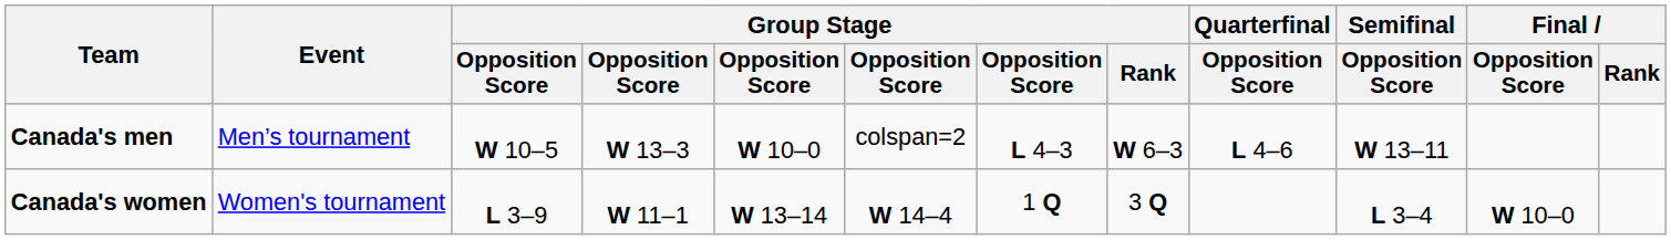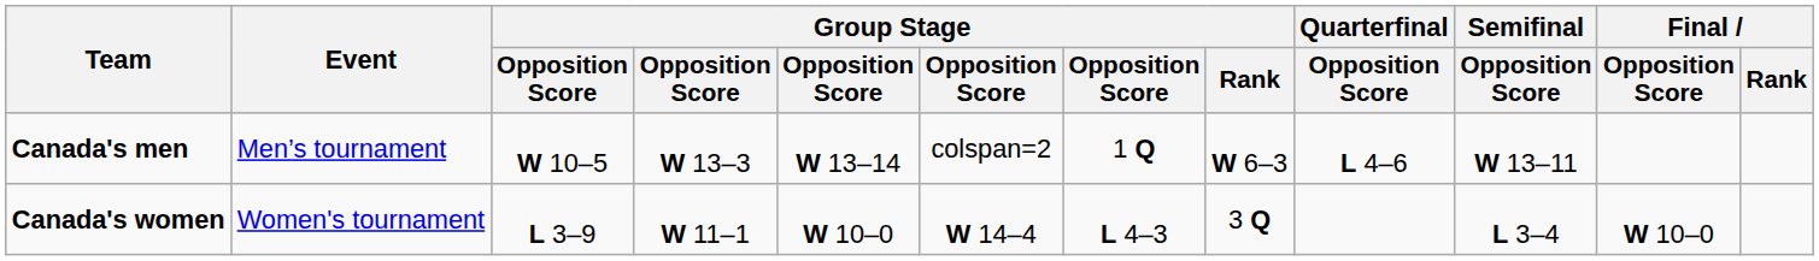 <table class="wikitable" style="font-size:90%">
 <tr>
 <th rowspan=2>Team</th>
 <th rowspan=2>Event</th>
 <th colspan=6>Group Stage</th>
 <th>Quarterfinal</th>
 <th>Semifinal</th>
 <th colspan=2>Final / </th>
 </tr>
 <tr style="font-size:95%">
 <th>Opposition<br>Score</th>
 <th>Opposition<br>Score</th>
 <th>Opposition<br>Score</th>
 <th>Opposition<br>Score</th>
 <th>Opposition<br>Score</th>
 <th>Rank</th>
 <th>Opposition<br>Score</th>
 <th>Opposition<br>Score</th>
 <th>Opposition<br>Score</th>
 <th>Rank</th>
 </tr>
 <tr align=center>
 <td align=left><strong>Canada's men</strong></td>
 <td align=left><a href='#'>Men’s tournament</a></td>
 <td><br><strong>W</strong> 10–5</td>
 <td><br><strong>W</strong> 13–3</td>
-<td><br><strong>W</strong> 10–0</td>
+<td><br><strong>W</strong> 13–14</td>
 <td>colspan=2 </td>
-<td><br><strong>L</strong> 4–3</td>
+<td>1 <strong>Q</strong></td>
 <td><br><strong>W</strong> 6–3</td>
 <td><br><strong>L</strong> 4–6</td>
 <td><br><strong>W</strong> 13–11</td>
 <td></td>
 </tr>
 <tr align=center>
 <td align=left><strong>Canada's women</strong></td>
 <td align=left><a href='#'>Women's tournament</a></td>
 <td><br><strong>L</strong> 3–9</td>
 <td><br><strong>W</strong> 11–1</td>
-<td><br><strong>W</strong> 13–14</td>
+<td><br><strong>W</strong> 10–0</td>
 <td><br><strong>W</strong> 14–4</td>
-<td>1 <strong>Q</strong></td>
+<td><br><strong>L</strong> 4–3</td>
 <td>3 <strong>Q</strong></td>
 <td></td>
 <td><br><strong>L</strong> 3–4</td>
 <td><br><strong>W</strong> 10–0</td>
 <td></td>
 </tr>
 </table>
